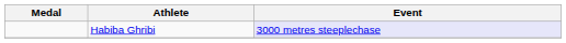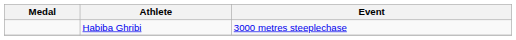 <table class="wikitable" style="font-size:90%" width=60%>
 <tr>
 <th>Medal</th>
 <th>Athlete</th>
 <th>Event</th>
 </tr>
 <tr>
 <td></td>
 <td><a href='#'>Habiba Ghribi</a></td>
-<td style="background: lavender;"><a href='#'>3000 metres steeplechase</a></td>
+<td><a href='#'>3000 metres steeplechase</a></td>
 </tr>
 <tr>
 </tr>
 </table>
